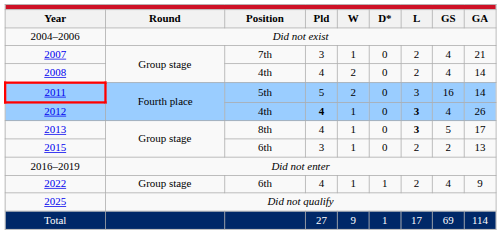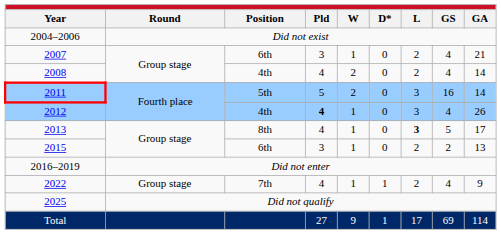 <table class="wikitable" style="text-align: center;font-size:90%;">
 <tr>
 <th colspan="9" style="background: #CE1126; color: #FFFFFF;"><a href='#'></a></th>
 </tr>
 <tr>
 <th width=125>Year</th>
 <th width=150>Round</th>
 <th width=100>Position</th>
 <th width=35>Pld</th>
 <th width=35>W</th>
 <th width=35>D*</th>
 <th width=35>L</th>
 <th width=35>GS</th>
 <th width=35>GA</th>
 </tr>
 <tr>
 <td>2004–2006</td>
 <td colspan="8"><em>Did not exist</em></td>
 </tr>
 <tr>
 <td> <a href='#'>2007</a></td>
 <td rowspan=2>Group stage</td>
-<td>7th</td>
+<td>6th</td>
 <td>3</td>
 <td>1</td>
 <td>0</td>
 <td>2</td>
 <td>4</td>
 <td>21</td>
 </tr>
 <tr>
 <td> <a href='#'>2008</a></td>
 <td>4th</td>
 <td>4</td>
 <td>2</td>
 <td>0</td>
 <td>2</td>
 <td>4</td>
 <td>14</td>
 </tr>
 <tr style="background:#9acdff;">
 <td style="border:3px solid red;"> <a href='#'>2011</a></td>
 <td rowspan=2>Fourth place</td>
 <td>5th</td>
 <td>5</td>
 <td>2</td>
 <td>0</td>
 <td>3</td>
 <td>16</td>
 <td>14</td>
 </tr>
 <tr style="background:#9acdff;">
 <td> <a href='#'>2012</a></td>
 <td>4th</td>
 <td><strong>4</strong></td>
 <td>1</td>
 <td>0</td>
-<td><strong>3</strong></td>
+<td>3</td>
 <td>4</td>
 <td>26</td>
 </tr>
 <tr>
 <td> <a href='#'>2013</a></td>
 <td rowspan=2>Group stage</td>
 <td>8th</td>
 <td>4</td>
 <td>1</td>
 <td>0</td>
 <td><strong>3</strong></td>
 <td>5</td>
 <td>17</td>
 </tr>
 <tr>
 <td> <a href='#'>2015</a></td>
 <td>6th</td>
 <td>3</td>
 <td>1</td>
 <td>0</td>
 <td>2</td>
 <td>2</td>
 <td>13</td>
 </tr>
 <tr>
 <td>2016–2019</td>
 <td colspan="8"><em>Did not enter</em></td>
 </tr>
 <tr>
 <td> <a href='#'>2022</a></td>
 <td>Group stage</td>
-<td>6th</td>
+<td>7th</td>
 <td>4</td>
 <td>1</td>
 <td>1</td>
 <td>2</td>
 <td>4</td>
 <td>9</td>
 </tr>
 <tr>
 <td> <a href='#'>2025</a></td>
 <td colspan="8"><em>Did not qualify</em></td>
 </tr>
 <tr>
 <td colspan=1 style="background: #002868; color: #FFFFFF;">Total</td>
 <td style="background: #002868; color: #FFFFFF;"></td>
 <td style="background: #002868; color: #FFFFFF;"></td>
 <td style="background: #002868; color: #FFFFFF;">27</td>
 <td style="background: #002868; color: #FFFFFF;">9</td>
 <td style="background: #002868; color: #FFFFFF;">1</td>
 <td style="background: #002868; color: #FFFFFF;">17</td>
 <td style="background: #002868; color: #FFFFFF;">69</td>
 <td style="background: #002868; color: #FFFFFF;">114</td>
 </tr>
 </table>
